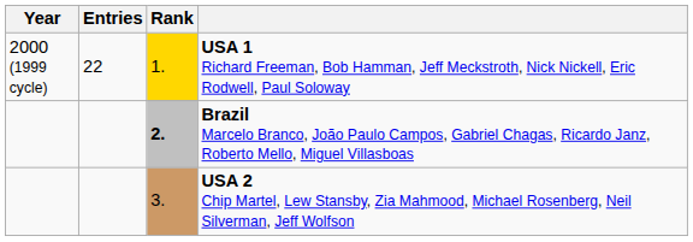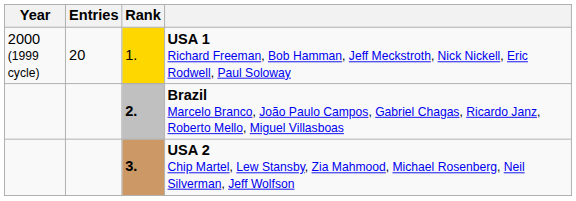 <table class="wikitable" style="width:100%;">
 <tr>
 <th>Year</th>
 <th width=20>Entries</th>
 <th>Rank</th>
 <th></th>
 </tr>
 <tr>
 <td width=60>2000<br><small>(1999 cycle)</small></td>
-<td>22</td>
+<td>20</td>
 <td style="background:gold; width:30px;">1.</td>
 <td> <strong>USA 1</strong> <br><small><a href='#'>Richard Freeman</a>, <a href='#'>Bob Hamman</a>, <a href='#'>Jeff Meckstroth</a>, <a href='#'>Nick Nickell</a>, <a href='#'>Eric Rodwell</a>, <a href='#'>Paul Soloway</a></small></td>
 </tr>
 <tr>
 <td></td>
 <td></td>
 <td style="background:silver;"><strong>2.</strong></td>
 <td> <strong>Brazil</strong><br><small><a href='#'>Marcelo Branco</a>, <a href='#'>João Paulo Campos</a>, <a href='#'>Gabriel Chagas</a>, <a href='#'>Ricardo Janz</a>, <a href='#'>Roberto Mello</a>, <a href='#'>Miguel Villasboas</a></small></td>
 </tr>
 <tr>
 <td></td>
 <td></td>
-<td style="background:#c96;">3.</td>
+<td style="background:#c96;"><strong>3.</strong></td>
 <td> <strong>USA 2</strong> <br><small><a href='#'>Chip Martel</a>, <a href='#'>Lew Stansby</a>, <a href='#'>Zia Mahmood</a>, <a href='#'>Michael Rosenberg</a>, <a href='#'>Neil Silverman</a>, <a href='#'>Jeff Wolfson</a></small></td>
 </tr>
 </table>
